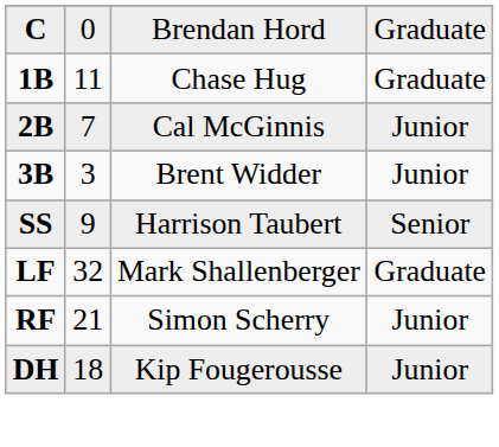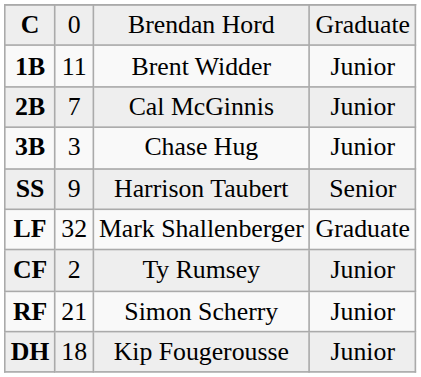 <table class="wikitable non-sortable">
 <tr>
 </tr>
 <tr style="background:#eeeeee;text-align:center;">
 <td><strong>C</strong></td>
 <td>0</td>
 <td>Brendan Hord</td>
 <td>Graduate</td>
 </tr>
 <tr style="text-align:center;">
 <td><strong>1B</strong></td>
 <td>11</td>
-<td>Chase Hug</td>
-<td>Graduate</td>
+<td>Brent Widder</td>
+<td>Junior</td>
 </tr>
 <tr style="background:#eeeeee;text-align:center;">
 <td><strong>2B</strong></td>
 <td>7</td>
 <td>Cal McGinnis</td>
 <td>Junior</td>
 </tr>
 <tr style="text-align:center;">
 <td><strong>3B</strong></td>
 <td>3</td>
-<td>Brent Widder</td>
+<td>Chase Hug</td>
 <td>Junior</td>
 </tr>
 <tr style="background:#eeeeee;text-align:center;">
 <td><strong>SS</strong></td>
 <td>9</td>
 <td>Harrison Taubert</td>
 <td>Senior</td>
 </tr>
 <tr style="text-align:center;">
 <td><strong>LF</strong></td>
 <td>32</td>
 <td>Mark Shallenberger</td>
 <td>Graduate</td>
 </tr>
+<tr style="background:#eeeeee;text-align:center;">
+<td><strong>CF</strong></td>
+<td>2</td>
+<td>Ty Rumsey</td>
+<td>Junior</td>
+</tr>
 <tr style="text-align:center;">
 <td><strong>RF</strong></td>
 <td>21</td>
 <td>Simon Scherry</td>
 <td>Junior</td>
 </tr>
 <tr style="background:#eeeeee;text-align:center;">
 <td><strong>DH</strong></td>
 <td>18</td>
 <td>Kip Fougerousse</td>
 <td>Junior</td>
 </tr>
 </table>
